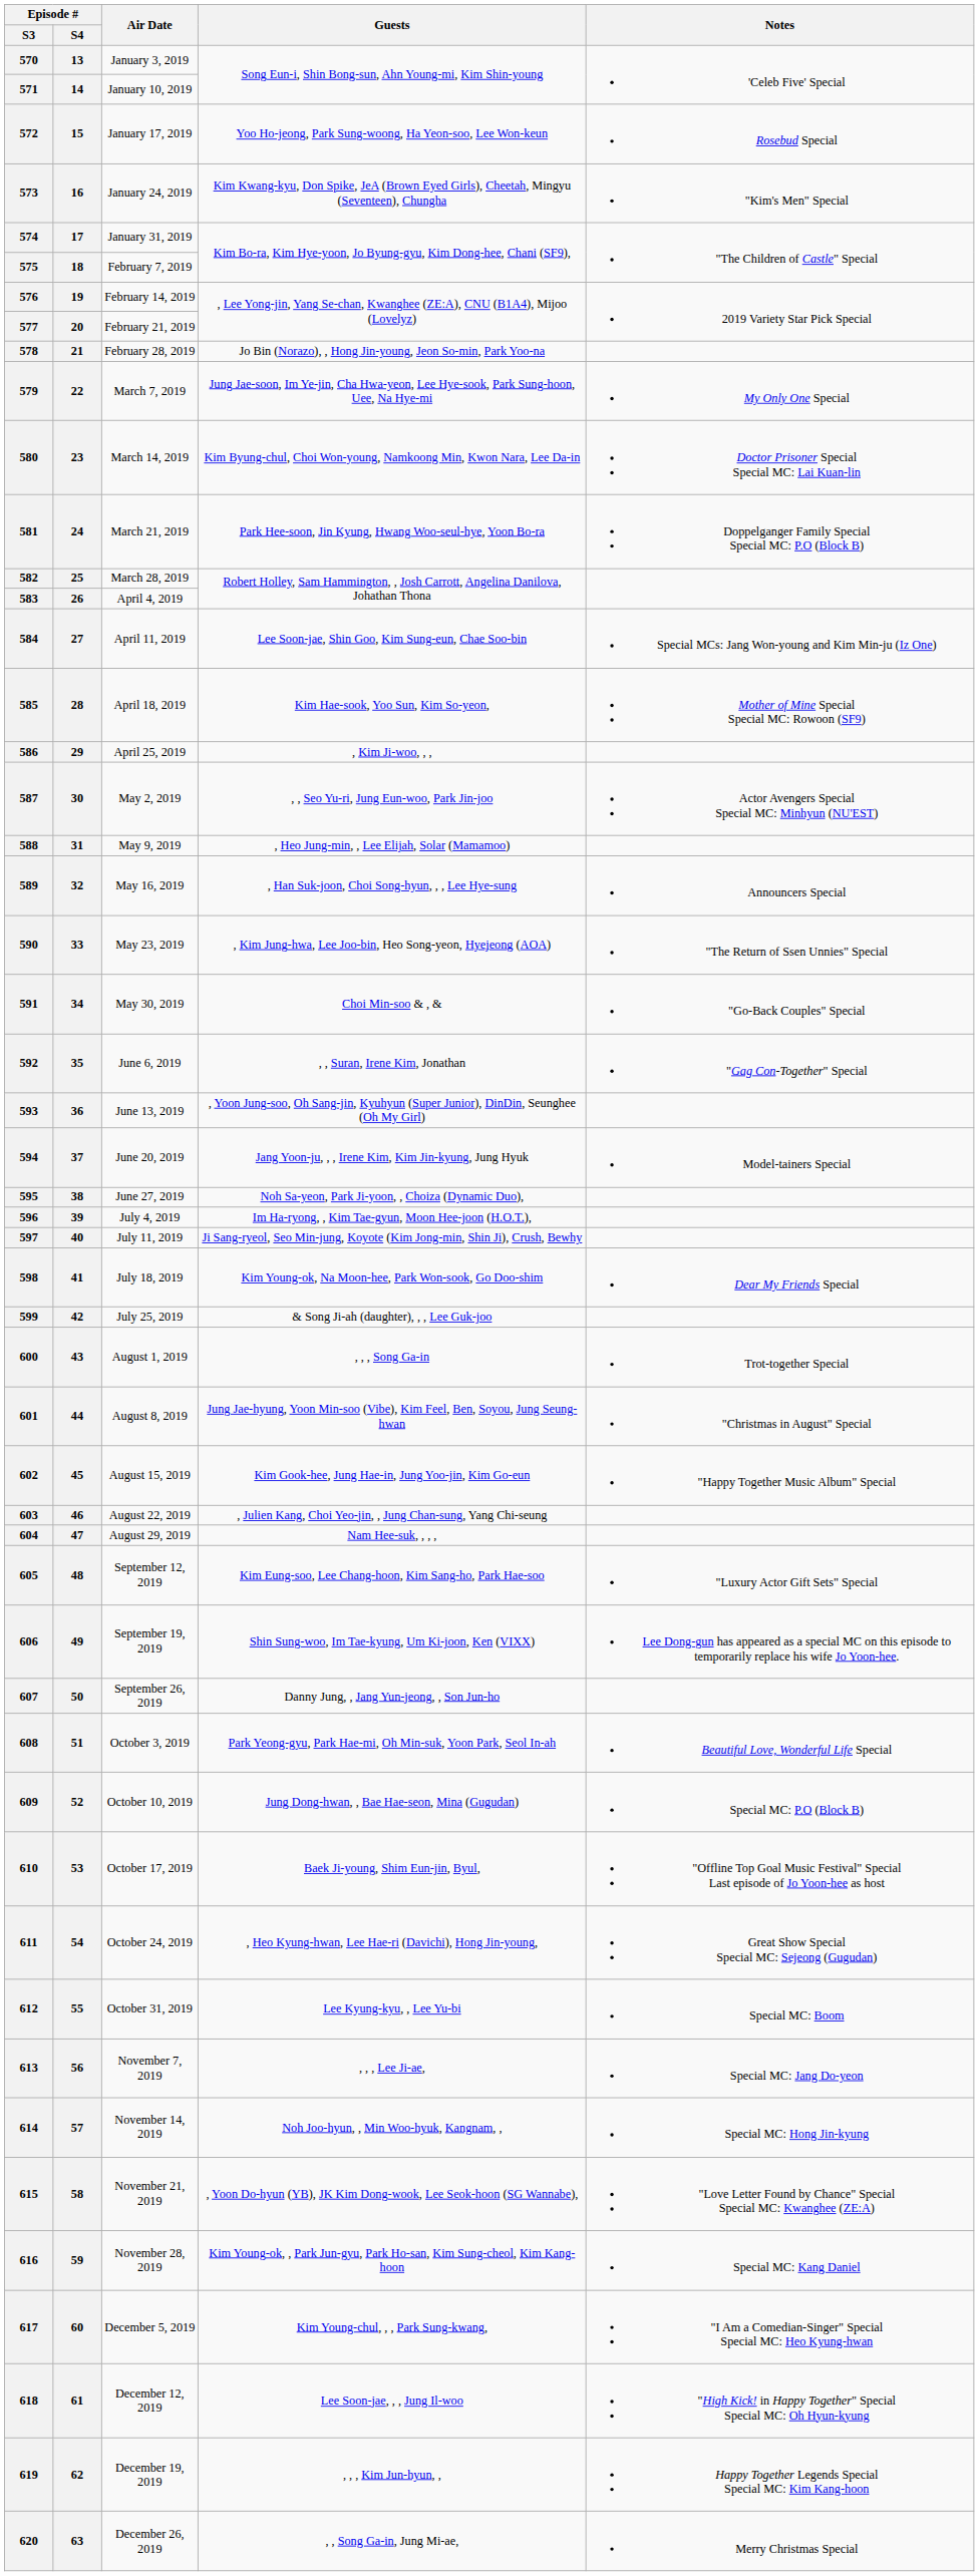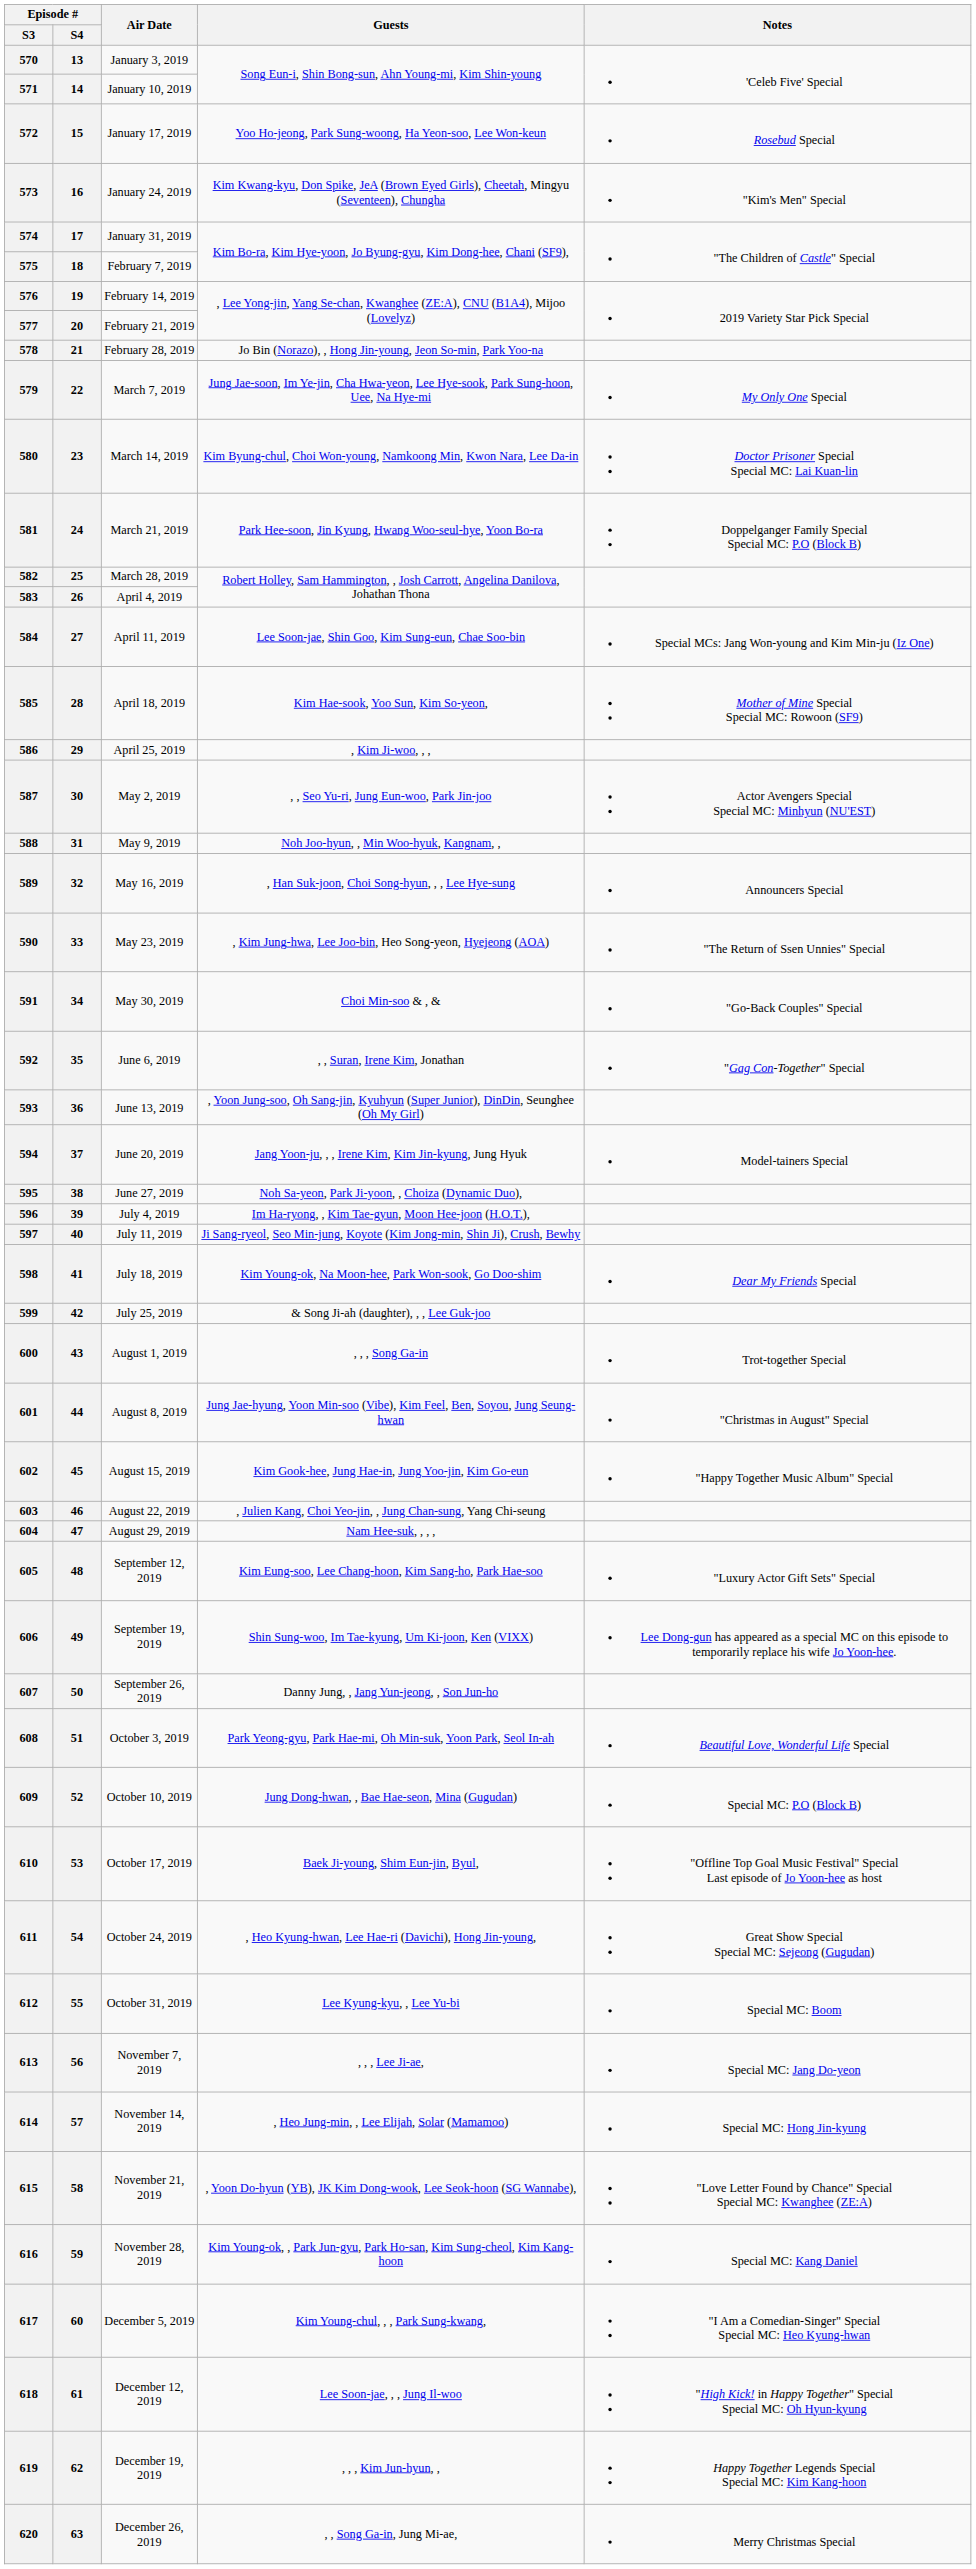 <table class="wikitable" style="text-align:center; font-size:90%; width:90%;">
 <tr>
 <th colspan="2" width="10%">Episode #</th>
 <th rowspan="2" width="10%">Air Date</th>
 <th rowspan="2" width="40%">Guests</th>
 <th rowspan="2" width="40%">Notes</th>
 </tr>
 <tr>
 <th width="5%"> S3</th>
 <th width="5%">S4</th>
 </tr>
 <tr>
 <th>570</th>
 <th>13</th>
 <td>January 3, 2019</td>
 <td rowspan=2><a href='#'>Song Eun-i</a>, <a href='#'>Shin Bong-sun</a>, <a href='#'>Ahn Young-mi</a>, <a href='#'>Kim Shin-young</a></td>
 <td rowspan=2><br><ul><li>'Celeb Five' Special</li></ul></td>
 </tr>
 <tr>
 <th>571</th>
 <th>14</th>
 <td>January 10, 2019</td>
 </tr>
 <tr>
 <th>572</th>
 <th>15</th>
 <td>January 17, 2019</td>
 <td><a href='#'>Yoo Ho-jeong</a>, <a href='#'>Park Sung-woong</a>, <a href='#'>Ha Yeon-soo</a>, <a href='#'>Lee Won-keun</a></td>
 <td><br><ul><li><em><a href='#'>Rosebud</a></em> Special</li></ul></td>
 </tr>
 <tr>
 <th>573</th>
 <th>16</th>
 <td>January 24, 2019</td>
 <td><a href='#'>Kim Kwang-kyu</a>, <a href='#'>Don Spike</a>, <a href='#'>JeA</a> (<a href='#'>Brown Eyed Girls</a>), <a href='#'>Cheetah</a>, Mingyu (<a href='#'>Seventeen</a>), <a href='#'>Chungha</a></td>
 <td><br><ul><li>"Kim's Men" Special</li></ul></td>
 </tr>
 <tr>
 <th>574</th>
 <th>17</th>
 <td>January 31, 2019</td>
 <td rowspan=2><a href='#'>Kim Bo-ra</a>, <a href='#'>Kim Hye-yoon</a>, <a href='#'>Jo Byung-gyu</a>, <a href='#'>Kim Dong-hee</a>, <a href='#'>Chani</a> (<a href='#'>SF9</a>), </td>
 <td rowspan=2><br><ul><li>"The Children of <em><a href='#'>Castle</a></em>" Special</li></ul></td>
 </tr>
 <tr>
 <th>575</th>
 <th>18</th>
 <td>February 7, 2019</td>
 </tr>
 <tr>
 <th>576</th>
 <th>19</th>
 <td>February 14, 2019</td>
 <td rowspan=2>, <a href='#'>Lee Yong-jin</a>, <a href='#'>Yang Se-chan</a>, <a href='#'>Kwanghee</a> (<a href='#'>ZE:A</a>), <a href='#'>CNU</a> (<a href='#'>B1A4</a>), Mijoo (<a href='#'>Lovelyz</a>)</td>
 <td rowspan=2><br><ul><li>2019 Variety Star Pick Special</li></ul></td>
 </tr>
 <tr>
 <th>577</th>
 <th>20</th>
 <td>February 21, 2019</td>
 </tr>
 <tr>
 <th>578</th>
 <th>21</th>
 <td>February 28, 2019</td>
 <td>Jo Bin (<a href='#'>Norazo</a>), , <a href='#'>Hong Jin-young</a>, <a href='#'>Jeon So-min</a>, <a href='#'>Park Yoo-na</a></td>
 <td></td>
 </tr>
 <tr>
 <th>579</th>
 <th>22</th>
 <td>March 7, 2019</td>
 <td><a href='#'>Jung Jae-soon</a>, <a href='#'>Im Ye-jin</a>, <a href='#'>Cha Hwa-yeon</a>, <a href='#'>Lee Hye-sook</a>, <a href='#'>Park Sung-hoon</a>, <a href='#'>Uee</a>, <a href='#'>Na Hye-mi</a></td>
 <td><br><ul><li><em><a href='#'>My Only One</a></em> Special</li></ul></td>
 </tr>
 <tr>
 <th>580</th>
 <th>23</th>
 <td>March 14, 2019</td>
 <td><a href='#'>Kim Byung-chul</a>, <a href='#'>Choi Won-young</a>, <a href='#'>Namkoong Min</a>, <a href='#'>Kwon Nara</a>, <a href='#'>Lee Da-in</a></td>
 <td><br><ul><li><em><a href='#'>Doctor Prisoner</a></em> Special</li><li>Special MC: <a href='#'>Lai Kuan-lin</a></li></ul></td>
 </tr>
 <tr>
 <th>581</th>
 <th>24</th>
 <td>March 21, 2019</td>
 <td><a href='#'>Park Hee-soon</a>, <a href='#'>Jin Kyung</a>, <a href='#'>Hwang Woo-seul-hye</a>, <a href='#'>Yoon Bo-ra</a></td>
 <td><br><ul><li>Doppelganger Family Special</li><li>Special MC: <a href='#'>P.O</a> (<a href='#'>Block B</a>)</li></ul></td>
 </tr>
 <tr>
 <th>582</th>
 <th>25</th>
 <td>March 28, 2019</td>
 <td rowspan=2><a href='#'>Robert Holley</a>, <a href='#'>Sam Hammington</a>, , <a href='#'>Josh Carrott</a>, <a href='#'>Angelina Danilova</a>, Johathan Thona</td>
 <td rowspan=2></td>
 </tr>
 <tr>
 <th>583</th>
 <th>26</th>
 <td>April 4, 2019</td>
 </tr>
 <tr>
 <th>584</th>
 <th>27</th>
 <td>April 11, 2019</td>
 <td><a href='#'>Lee Soon-jae</a>, <a href='#'>Shin Goo</a>, <a href='#'>Kim Sung-eun</a>, <a href='#'>Chae Soo-bin</a></td>
 <td><br><ul><li>Special MCs: Jang Won-young and Kim Min-ju (<a href='#'>Iz One</a>)</li></ul></td>
 </tr>
 <tr>
 <th>585</th>
 <th>28</th>
 <td>April 18, 2019</td>
 <td><a href='#'>Kim Hae-sook</a>, <a href='#'>Yoo Sun</a>, <a href='#'>Kim So-yeon</a>, </td>
 <td><br><ul><li><em><a href='#'>Mother of Mine</a></em> Special</li><li>Special MC: Rowoon (<a href='#'>SF9</a>)</li></ul></td>
 </tr>
 <tr>
 <th>586</th>
 <th>29</th>
 <td>April 25, 2019</td>
 <td>, <a href='#'>Kim Ji-woo</a>, , , </td>
 <td></td>
 </tr>
 <tr>
 <th>587</th>
 <th>30</th>
 <td>May 2, 2019</td>
 <td>, , <a href='#'>Seo Yu-ri</a>, <a href='#'>Jung Eun-woo</a>, <a href='#'>Park Jin-joo</a></td>
 <td><br><ul><li>Actor Avengers Special</li><li>Special MC: <a href='#'>Minhyun</a> (<a href='#'>NU'EST</a>)</li></ul></td>
 </tr>
 <tr>
 <th>588</th>
 <th>31</th>
 <td>May 9, 2019</td>
-<td>, <a href='#'>Heo Jung-min</a>, , <a href='#'>Lee Elijah</a>, <a href='#'>Solar</a> (<a href='#'>Mamamoo</a>)</td>
+<td><a href='#'>Noh Joo-hyun</a>, , <a href='#'>Min Woo-hyuk</a>, <a href='#'>Kangnam</a>, , </td>
 <td></td>
 </tr>
 <tr>
 <th>589</th>
 <th>32</th>
 <td>May 16, 2019</td>
 <td>, <a href='#'>Han Suk-joon</a>, <a href='#'>Choi Song-hyun</a>, , , <a href='#'>Lee Hye-sung</a></td>
 <td><br><ul><li>Announcers Special</li></ul></td>
 </tr>
 <tr>
 <th>590</th>
 <th>33</th>
 <td>May 23, 2019</td>
 <td>, <a href='#'>Kim Jung-hwa</a>, <a href='#'>Lee Joo-bin</a>, Heo Song-yeon, <a href='#'>Hyejeong</a> (<a href='#'>AOA</a>)</td>
 <td><br><ul><li>"The Return of Ssen Unnies" Special</li></ul></td>
 </tr>
 <tr>
 <th>591</th>
 <th>34</th>
 <td>May 30, 2019</td>
 <td><a href='#'>Choi Min-soo</a> & ,  & </td>
 <td><br><ul><li>"Go-Back Couples" Special</li></ul></td>
 </tr>
 <tr>
 <th>592</th>
 <th>35</th>
 <td>June 6, 2019</td>
 <td>, , <a href='#'>Suran</a>, <a href='#'>Irene Kim</a>, Jonathan</td>
 <td><br><ul><li>"<em><a href='#'>Gag Con</a>-Together</em>" Special</li></ul></td>
 </tr>
 <tr>
 <th>593</th>
 <th>36</th>
 <td>June 13, 2019</td>
 <td>, <a href='#'>Yoon Jung-soo</a>, <a href='#'>Oh Sang-jin</a>, <a href='#'>Kyuhyun</a> (<a href='#'>Super Junior</a>), <a href='#'>DinDin</a>, Seunghee (<a href='#'>Oh My Girl</a>)</td>
 <td></td>
 </tr>
 <tr>
 <th>594</th>
 <th>37</th>
 <td>June 20, 2019</td>
 <td><a href='#'>Jang Yoon-ju</a>, , , <a href='#'>Irene Kim</a>, <a href='#'>Kim Jin-kyung</a>, Jung Hyuk</td>
 <td><br><ul><li>Model-tainers Special</li></ul></td>
 </tr>
 <tr>
 <th>595</th>
 <th>38</th>
 <td>June 27, 2019</td>
 <td><a href='#'>Noh Sa-yeon</a>, <a href='#'>Park Ji-yoon</a>, , <a href='#'>Choiza</a> (<a href='#'>Dynamic Duo</a>), </td>
 <td></td>
 </tr>
 <tr>
 <th>596</th>
 <th>39</th>
 <td>July 4, 2019</td>
 <td><a href='#'>Im Ha-ryong</a>, , <a href='#'>Kim Tae-gyun</a>, <a href='#'>Moon Hee-joon</a> (<a href='#'>H.O.T.</a>), </td>
 <td></td>
 </tr>
 <tr>
 <th>597</th>
 <th>40</th>
 <td>July 11, 2019</td>
 <td><a href='#'>Ji Sang-ryeol</a>, <a href='#'>Seo Min-jung</a>, <a href='#'>Koyote</a> (<a href='#'>Kim Jong-min</a>, <a href='#'>Shin Ji</a>), <a href='#'>Crush</a>, <a href='#'>Bewhy</a></td>
 <td></td>
 </tr>
 <tr>
 <th>598</th>
 <th>41</th>
 <td>July 18, 2019</td>
 <td><a href='#'>Kim Young-ok</a>, <a href='#'>Na Moon-hee</a>, <a href='#'>Park Won-sook</a>, <a href='#'>Go Doo-shim</a></td>
 <td><br><ul><li><em><a href='#'>Dear My Friends</a></em> Special</li></ul></td>
 </tr>
 <tr>
 <th>599</th>
 <th>42</th>
 <td>July 25, 2019</td>
 <td> & Song Ji-ah (daughter), , , <a href='#'>Lee Guk-joo</a></td>
 <td></td>
 </tr>
 <tr>
 <th>600</th>
 <th>43</th>
 <td>August 1, 2019</td>
 <td>, , , <a href='#'>Song Ga-in</a></td>
 <td><br><ul><li>Trot-together Special</li></ul></td>
 </tr>
 <tr>
 <th>601</th>
 <th>44</th>
 <td>August 8, 2019</td>
 <td><a href='#'>Jung Jae-hyung</a>, <a href='#'>Yoon Min-soo</a> (<a href='#'>Vibe</a>), <a href='#'>Kim Feel</a>, <a href='#'>Ben</a>, <a href='#'>Soyou</a>, <a href='#'>Jung Seung-hwan</a></td>
 <td><br><ul><li>"Christmas in August" Special</li></ul></td>
 </tr>
 <tr>
 <th>602</th>
 <th>45</th>
 <td>August 15, 2019</td>
 <td><a href='#'>Kim Gook-hee</a>, <a href='#'>Jung Hae-in</a>, <a href='#'>Jung Yoo-jin</a>, <a href='#'>Kim Go-eun</a></td>
 <td><br><ul><li>"Happy Together Music Album" Special</li></ul></td>
 </tr>
 <tr>
 <th>603</th>
 <th>46</th>
 <td>August 22, 2019</td>
 <td>, <a href='#'>Julien Kang</a>, <a href='#'>Choi Yeo-jin</a>, , <a href='#'>Jung Chan-sung</a>, Yang Chi-seung</td>
 <td></td>
 </tr>
 <tr>
 <th>604</th>
 <th>47</th>
 <td>August 29, 2019</td>
 <td><a href='#'>Nam Hee-suk</a>, , , , </td>
 <td></td>
 </tr>
 <tr>
 <th>605</th>
 <th>48</th>
 <td>September 12, 2019</td>
 <td><a href='#'>Kim Eung-soo</a>, <a href='#'>Lee Chang-hoon</a>, <a href='#'>Kim Sang-ho</a>, <a href='#'>Park Hae-soo</a></td>
 <td><br><ul><li>"Luxury Actor Gift Sets" Special</li></ul></td>
 </tr>
 <tr>
 <th>606</th>
 <th>49</th>
 <td>September 19, 2019</td>
 <td><a href='#'>Shin Sung-woo</a>, <a href='#'>Im Tae-kyung</a>, <a href='#'>Um Ki-joon</a>, <a href='#'>Ken</a> (<a href='#'>VIXX</a>)</td>
 <td><br><ul><li><a href='#'>Lee Dong-gun</a> has appeared as a special MC on this episode to temporarily replace his wife <a href='#'>Jo Yoon-hee</a>.</li></ul></td>
 </tr>
 <tr>
 <th>607</th>
 <th>50</th>
 <td>September 26, 2019</td>
 <td>Danny Jung, , <a href='#'>Jang Yun-jeong</a>, , <a href='#'>Son Jun-ho</a></td>
 <td></td>
 </tr>
 <tr>
 <th>608</th>
 <th>51</th>
 <td>October 3, 2019</td>
 <td><a href='#'>Park Yeong-gyu</a>, <a href='#'>Park Hae-mi</a>, <a href='#'>Oh Min-suk</a>, <a href='#'>Yoon Park</a>, <a href='#'>Seol In-ah</a></td>
 <td><br><ul><li><em><a href='#'>Beautiful Love, Wonderful Life</a></em> Special</li></ul></td>
 </tr>
 <tr>
 <th>609</th>
 <th>52</th>
 <td>October 10, 2019</td>
 <td><a href='#'>Jung Dong-hwan</a>, , <a href='#'>Bae Hae-seon</a>, <a href='#'>Mina</a> (<a href='#'>Gugudan</a>)</td>
 <td><br><ul><li>Special MC: <a href='#'>P.O</a> (<a href='#'>Block B</a>)</li></ul></td>
 </tr>
 <tr>
 <th>610</th>
 <th>53</th>
 <td>October 17, 2019</td>
 <td><a href='#'>Baek Ji-young</a>, <a href='#'>Shim Eun-jin</a>, <a href='#'>Byul</a>, </td>
 <td><br><ul><li>"Offline Top Goal Music Festival" Special</li><li>Last episode of <a href='#'>Jo Yoon-hee</a> as host</li></ul></td>
 </tr>
 <tr>
 <th>611</th>
 <th>54</th>
 <td>October 24, 2019</td>
 <td>, <a href='#'>Heo Kyung-hwan</a>, <a href='#'>Lee Hae-ri</a> (<a href='#'>Davichi</a>), <a href='#'>Hong Jin-young</a>, </td>
 <td><br><ul><li>Great Show Special</li><li>Special MC: <a href='#'>Sejeong</a> (<a href='#'>Gugudan</a>)</li></ul></td>
 </tr>
 <tr>
 <th>612</th>
 <th>55</th>
 <td>October 31, 2019</td>
 <td><a href='#'>Lee Kyung-kyu</a>, , <a href='#'>Lee Yu-bi</a></td>
 <td><br><ul><li>Special MC: <a href='#'>Boom</a></li></ul></td>
 </tr>
 <tr>
 <th>613</th>
 <th>56</th>
 <td>November 7, 2019</td>
 <td>, , , <a href='#'>Lee Ji-ae</a>, </td>
 <td><br><ul><li>Special MC: <a href='#'>Jang Do-yeon</a></li></ul></td>
 </tr>
 <tr>
 <th>614</th>
 <th>57</th>
 <td>November 14, 2019</td>
-<td><a href='#'>Noh Joo-hyun</a>, , <a href='#'>Min Woo-hyuk</a>, <a href='#'>Kangnam</a>, , </td>
+<td>, <a href='#'>Heo Jung-min</a>, , <a href='#'>Lee Elijah</a>, <a href='#'>Solar</a> (<a href='#'>Mamamoo</a>)</td>
 <td><br><ul><li>Special MC: <a href='#'>Hong Jin-kyung</a></li></ul></td>
 </tr>
 <tr>
 <th>615</th>
 <th>58</th>
 <td>November 21, 2019</td>
 <td>, <a href='#'>Yoon Do-hyun</a> (<a href='#'>YB</a>), <a href='#'>JK Kim Dong-wook</a>, <a href='#'>Lee Seok-hoon</a> (<a href='#'>SG Wannabe</a>), </td>
 <td><br><ul><li>"Love Letter Found by Chance" Special</li><li>Special MC: <a href='#'>Kwanghee</a> (<a href='#'>ZE:A</a>)</li></ul></td>
 </tr>
 <tr>
 <th>616</th>
 <th>59</th>
 <td>November 28, 2019</td>
 <td><a href='#'>Kim Young-ok</a>, , <a href='#'>Park Jun-gyu</a>, <a href='#'>Park Ho-san</a>, <a href='#'>Kim Sung-cheol</a>, <a href='#'>Kim Kang-hoon</a></td>
 <td><br><ul><li>Special MC: <a href='#'>Kang Daniel</a></li></ul></td>
 </tr>
 <tr>
 <th>617</th>
 <th>60</th>
 <td>December 5, 2019</td>
 <td><a href='#'>Kim Young-chul</a>, , , <a href='#'>Park Sung-kwang</a>, </td>
 <td><br><ul><li>"I Am a Comedian-Singer" Special</li><li>Special MC: <a href='#'>Heo Kyung-hwan</a></li></ul></td>
 </tr>
 <tr>
 <th>618</th>
 <th>61</th>
 <td>December 12, 2019</td>
 <td><a href='#'>Lee Soon-jae</a>, , , <a href='#'>Jung Il-woo</a></td>
 <td><br><ul><li>"<em><a href='#'>High Kick!</a></em> in <em>Happy Together</em>" Special</li><li>Special MC: <a href='#'>Oh Hyun-kyung</a></li></ul></td>
 </tr>
 <tr>
 <th>619</th>
 <th>62</th>
 <td>December 19, 2019</td>
 <td>, , , <a href='#'>Kim Jun-hyun</a>, , </td>
 <td><br><ul><li><em>Happy Together</em> Legends Special</li><li>Special MC: <a href='#'>Kim Kang-hoon</a></li></ul></td>
 </tr>
 <tr>
 <th>620</th>
 <th>63</th>
 <td>December 26, 2019</td>
 <td>, , <a href='#'>Song Ga-in</a>, Jung Mi-ae, </td>
 <td><br><ul><li>Merry Christmas Special</li></ul></td>
 </tr>
 </table>
